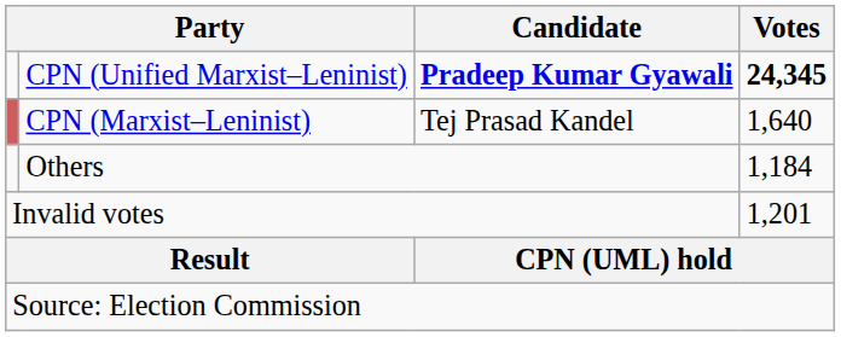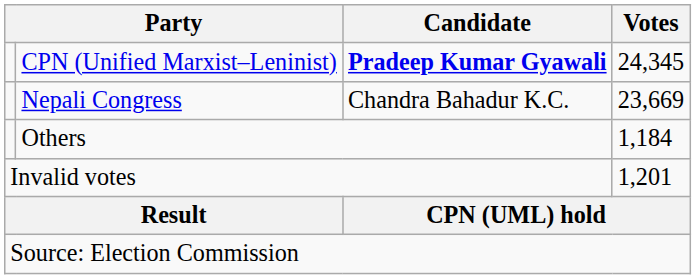 <table class="wikitable">
 <tr>
 <th colspan="2">Party</th>
 <th>Candidate</th>
 <th>Votes</th>
 </tr>
 <tr>
 <td style="background-color:"></td>
 <td><a href='#'>CPN (Unified Marxist–Leninist)</a></td>
 <td><strong><a href='#'>Pradeep Kumar Gyawali</a></strong></td>
-<td><strong>24,345</strong></td>
+<td>24,345</td>
 </tr>
 <tr>
-<td style="background-color:indianred"></td>
-<td><a href='#'>CPN (Marxist–Leninist)</a></td>
-<td>Tej Prasad Kandel</td>
-<td>1,640</td>
+<td style="background-color:"></td>
+<td><a href='#'>Nepali Congress</a></td>
+<td>Chandra Bahadur K.C.</td>
+<td>23,669</td>
 </tr>
 <tr>
 <td></td>
 <td colspan="2">Others</td>
 <td>1,184</td>
 </tr>
 <tr>
 <td colspan="3">Invalid votes</td>
 <td>1,201</td>
 </tr>
 <tr>
 <th colspan="2">Result</th>
 <th colspan="2">CPN (UML) hold</th>
 </tr>
 <tr>
 <td colspan="4">Source: Election Commission</td>
 </tr>
 </table>
